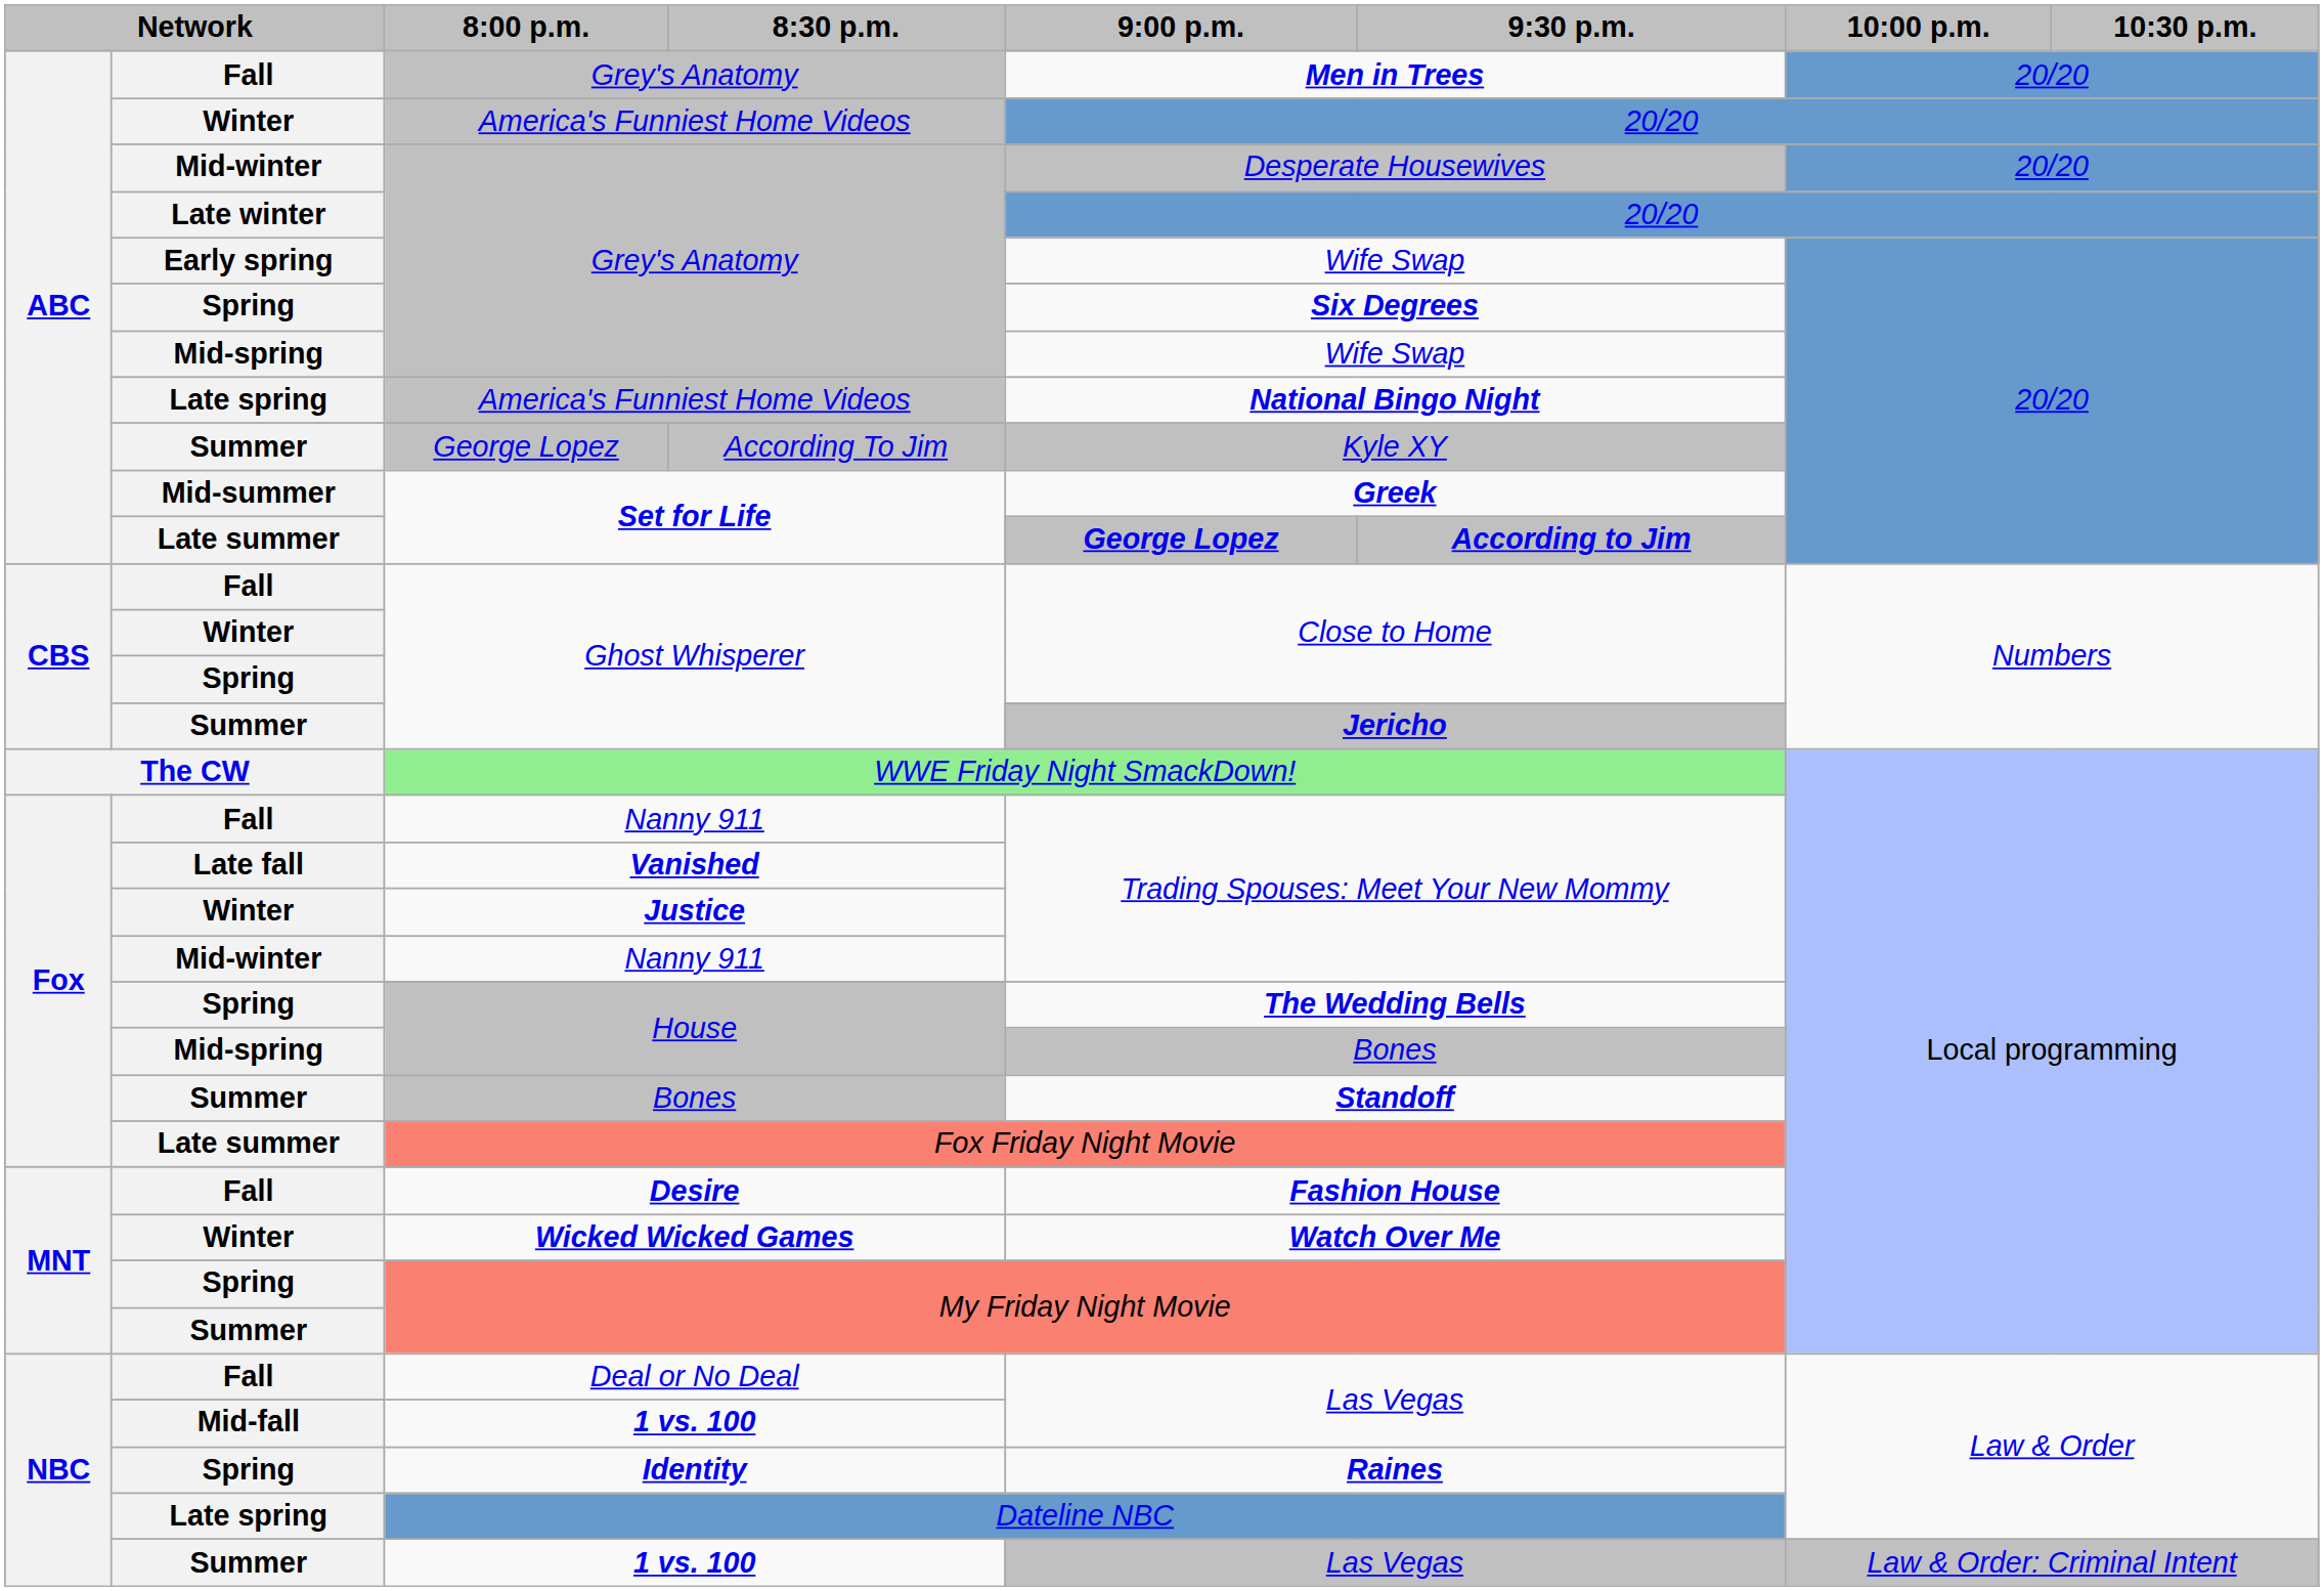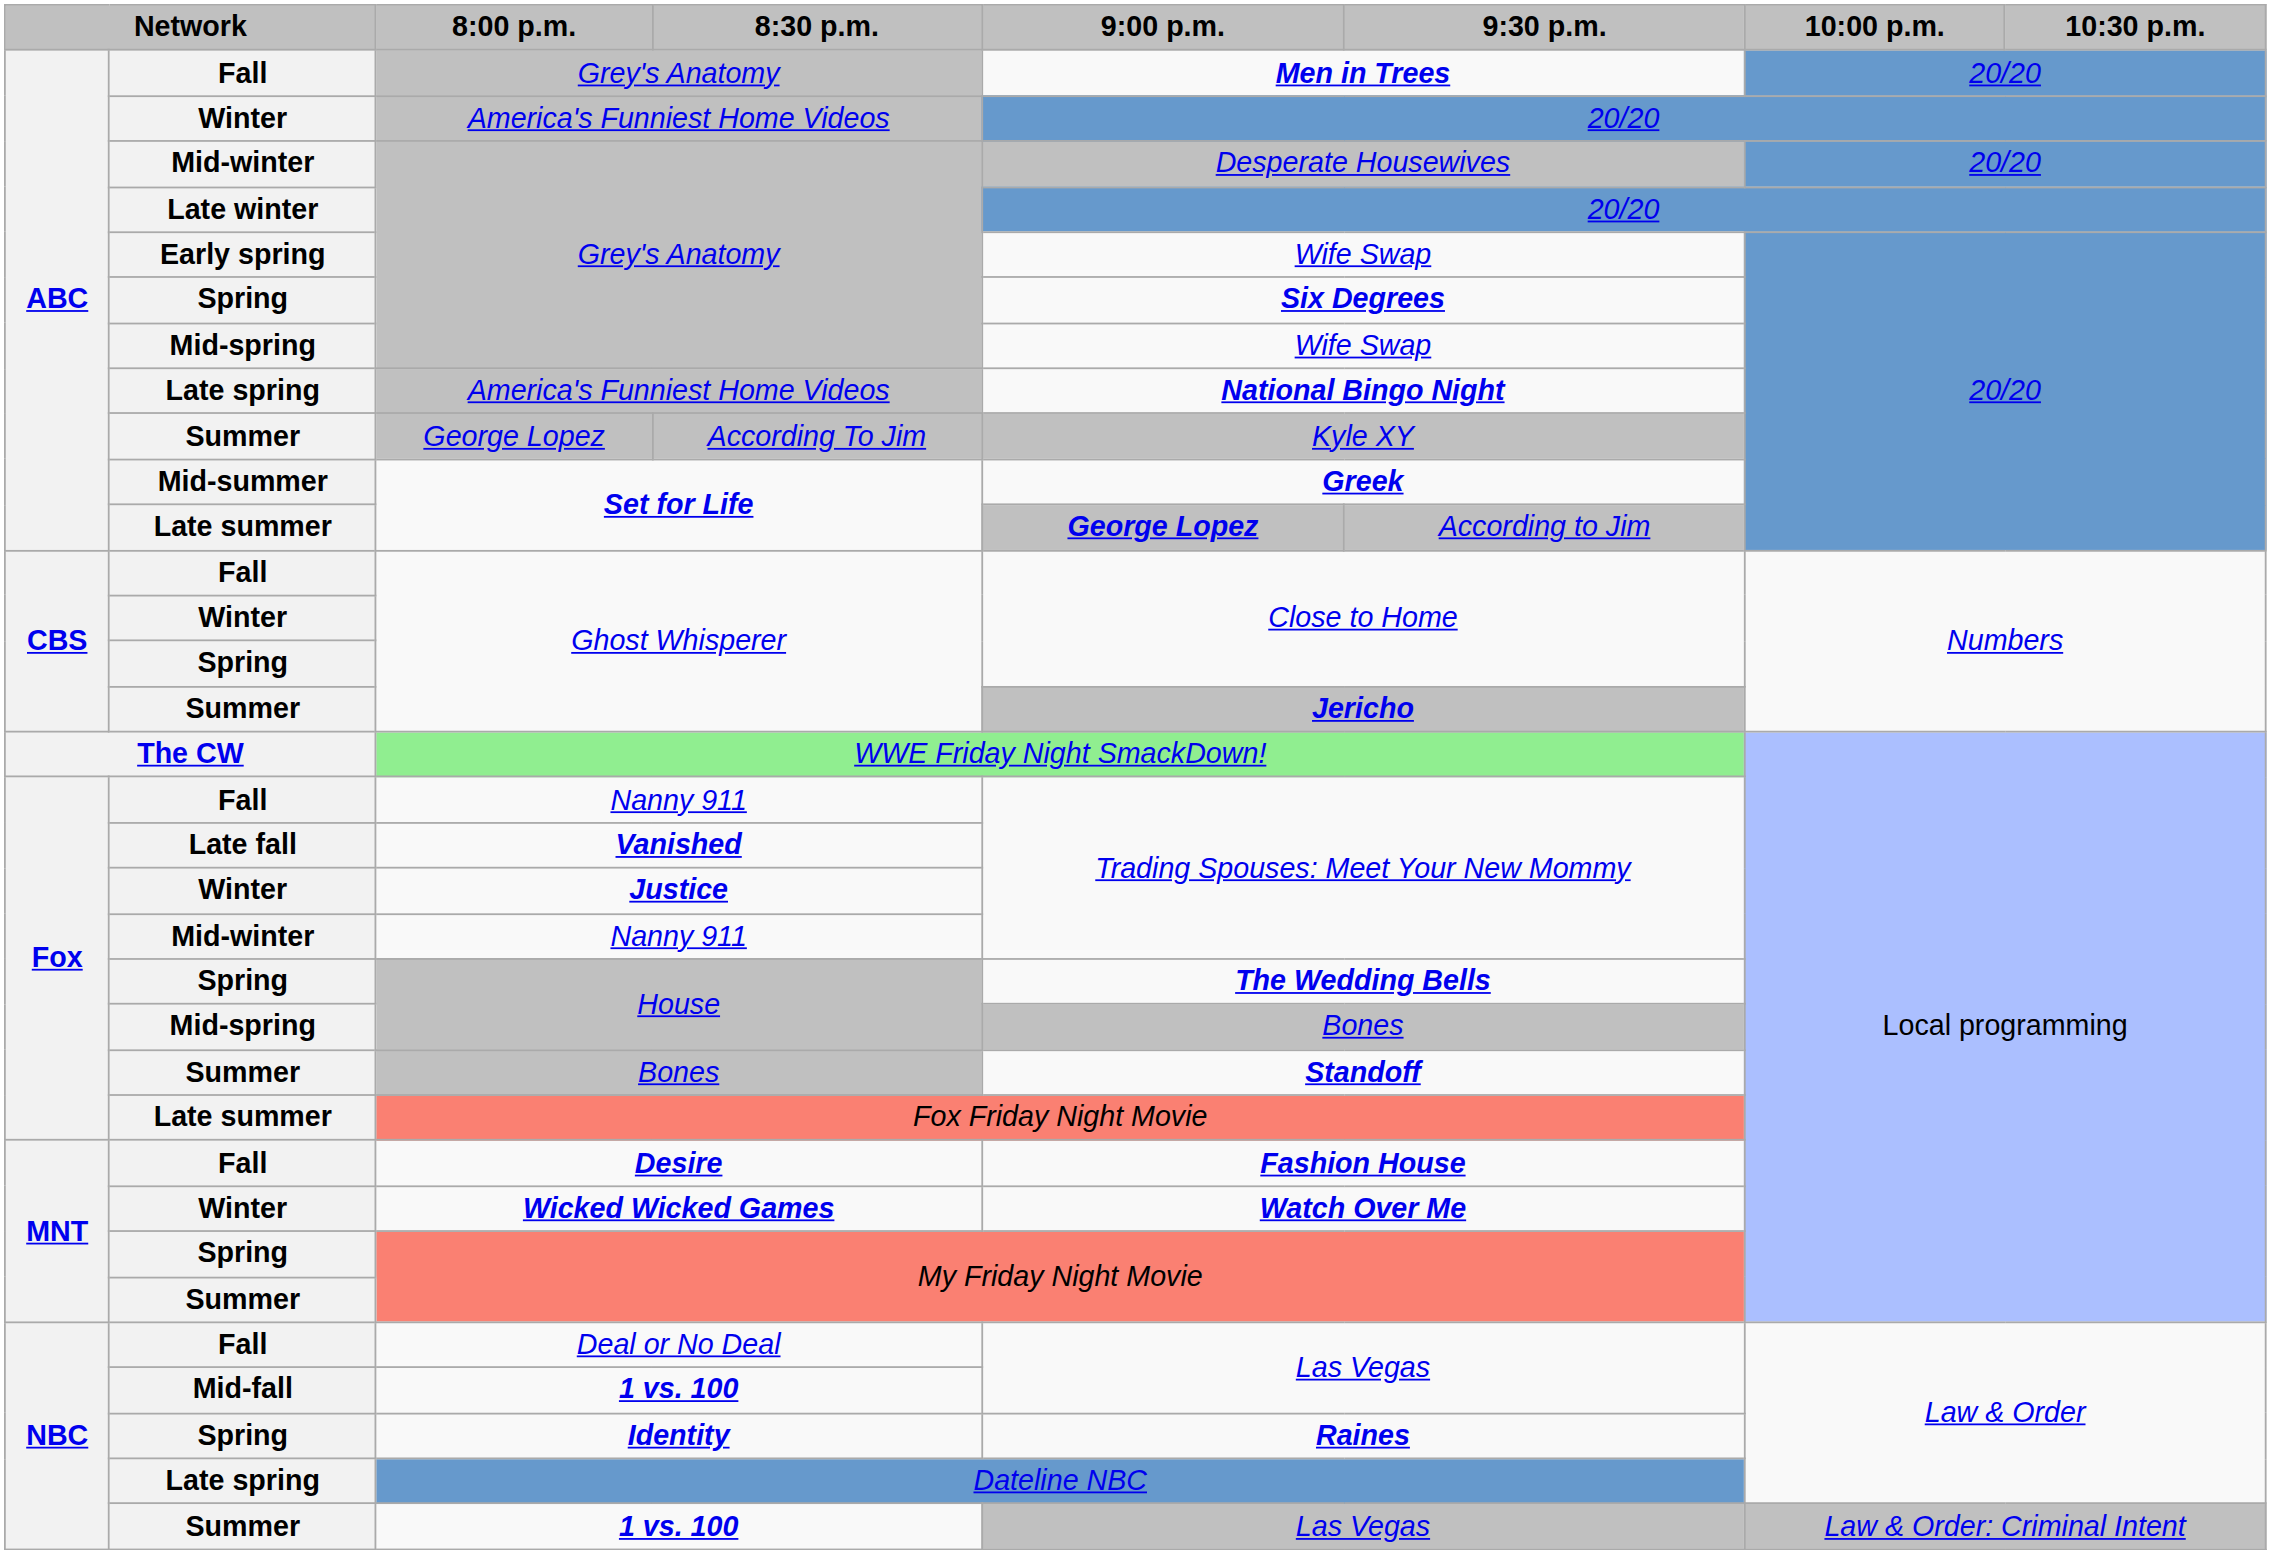 <table class="wikitable" style="width:100%;margin-right:0;text-align:center">
 <tr>
 <th colspan="2" style="background-color:#C0C0C0;text-align:center">Network</th>
 <th style="background-color:#C0C0C0;text-align:center">8:00 p.m.</th>
 <th style="background-color:#C0C0C0;text-align:center">8:30 p.m.</th>
 <th style="background-color:#C0C0C0;text-align:center">9:00 p.m.</th>
 <th style="background-color:#C0C0C0;text-align:center">9:30 p.m.</th>
 <th style="background-color:#C0C0C0;text-align:center">10:00 p.m.</th>
 <th style="background-color:#C0C0C0;text-align:center">10:30 p.m.</th>
 </tr>
 <tr>
 <th rowspan="11"><a href='#'>ABC</a></th>
 <th>Fall</th>
 <td colspan="2" style="background:#C0C0C0;"><em><a href='#'>Grey's Anatomy</a></em> </td>
 <td colspan="2"><strong><em><a href='#'>Men in Trees</a></em></strong></td>
 <td style="background:#6699CC;" colspan="2"><em><a href='#'>20/20</a></em></td>
 </tr>
 <tr>
 <th>Winter</th>
 <td colspan="2" style="background:#C0C0C0;"><em><a href='#'>America's Funniest Home Videos</a></em> </td>
 <td colspan="4" style="background:#6699CC;"><em><a href='#'>20/20</a></em></td>
 </tr>
 <tr>
 <th>Mid-winter</th>
 <td colspan="2" rowspan="5" style="background:#C0C0C0;"><em><a href='#'>Grey's Anatomy</a></em> </td>
 <td colspan="2" style="background:#C0C0C0;"><em><a href='#'>Desperate Housewives</a></em> </td>
 <td colspan="2" style="background:#6699CC;"><em><a href='#'>20/20</a></em></td>
 </tr>
 <tr>
 <th>Late winter</th>
 <td style="background:#6699CC;" colspan="4"><em><a href='#'>20/20</a></em></td>
 </tr>
 <tr>
 <th>Early spring</th>
 <td colspan="2"><em><a href='#'>Wife Swap</a></em></td>
 <td colspan="2" rowspan="7" style="background:#6699CC;"><em><a href='#'>20/20</a></em></td>
 </tr>
 <tr>
 <th>Spring</th>
 <td colspan="2"><strong><em><a href='#'>Six Degrees</a></em></strong></td>
 </tr>
 <tr>
 <th>Mid-spring</th>
 <td colspan="2"><em><a href='#'>Wife Swap</a></em></td>
 </tr>
 <tr>
 <th>Late spring</th>
 <td colspan="2" style="background:#C0C0C0;"><em><a href='#'>America's Funniest Home Videos</a></em> </td>
 <td colspan="2"><strong><em><a href='#'>National Bingo Night</a></em></strong></td>
 </tr>
 <tr>
 <th>Summer</th>
 <td style="background:#C0C0C0;"><em><a href='#'>George Lopez</a></em> </td>
 <td style="background:#C0C0C0;"><em><a href='#'>According To Jim</a></em> </td>
 <td colspan="2" style="background:#C0C0C0;"><em><a href='#'>Kyle XY</a></em> </td>
 </tr>
 <tr>
 <th>Mid-summer</th>
 <td colspan="2" rowspan="2"><strong><em><a href='#'>Set for Life</a></em></strong></td>
 <td colspan="2"><strong><em><a href='#'>Greek</a></em></strong></td>
 </tr>
 <tr>
 <th>Late summer</th>
 <td style="background:#C0C0C0;"><strong><em><a href='#'>George Lopez</a></em> </strong></td>
-<td style="background:#C0C0C0;"><strong><em><a href='#'>According to Jim</a></em> </strong></td>
+<td style="background:#C0C0C0;"><em><a href='#'>According to Jim</a></em> </td>
 </tr>
 <tr>
 <th rowspan="4"><a href='#'>CBS</a></th>
 <th>Fall</th>
 <td colspan="2" rowspan="4"><em><a href='#'>Ghost Whisperer</a></em></td>
 <td colspan="2" rowspan="3"><em><a href='#'>Close to Home</a></em></td>
 <td colspan="2" rowspan="4"><em><a href='#'>Numbers</a></em></td>
 </tr>
 <tr>
 <th>Winter</th>
 </tr>
 <tr>
 <th>Spring</th>
 </tr>
 <tr>
 <th>Summer</th>
 <td colspan="2" style="background:#C0C0C0;"><strong><em><a href='#'>Jericho</a></em></strong> </td>
 </tr>
 <tr>
 <th colspan="2"><a href='#'>The CW</a></th>
 <td colspan="4" style="background:lightgreen;"><em><a href='#'>WWE Friday Night SmackDown!</a></em></td>
 <td style="background:#abbfff;" rowspan="13" colspan="2">Local programming</td>
 </tr>
 <tr>
 <th rowspan="8"><a href='#'>Fox</a></th>
 <th>Fall</th>
 <td colspan="2"><em><a href='#'>Nanny 911</a></em></td>
 <td colspan="2" rowspan="4"><em><a href='#'>Trading Spouses: Meet Your New Mommy</a></em></td>
 </tr>
 <tr>
 <th>Late fall</th>
 <td colspan="2"><strong><em><a href='#'>Vanished</a></em></strong></td>
 </tr>
 <tr>
 <th>Winter</th>
 <td colspan="2"><strong><em><a href='#'>Justice</a></em></strong></td>
 </tr>
 <tr>
 <th>Mid-winter</th>
 <td colspan="2"><em><a href='#'>Nanny 911</a></em></td>
 </tr>
 <tr>
 <th>Spring</th>
 <td colspan="2" rowspan="2" style="background:#C0C0C0;"><em><a href='#'>House</a></em> </td>
 <td colspan="2"><strong><em><a href='#'>The Wedding Bells</a></em></strong></td>
 </tr>
 <tr>
 <th>Mid-spring</th>
 <td colspan="2" style="background:#C0C0C0;"><em><a href='#'>Bones</a></em> </td>
 </tr>
 <tr>
 <th>Summer</th>
 <td colspan="2" style="background:#C0C0C0;"><em><a href='#'>Bones</a></em> </td>
 <td colspan="2"><strong><em><a href='#'>Standoff</a></em></strong></td>
 </tr>
 <tr>
 <th>Late summer</th>
 <td style="background:#FA8072;" colspan="4"><em>Fox Friday Night Movie</em></td>
 </tr>
 <tr>
 <th rowspan="4"><a href='#'>MNT</a></th>
 <th>Fall</th>
 <td colspan="2"><strong><em><a href='#'>Desire</a></em></strong></td>
 <td colspan="2"><strong><em><a href='#'>Fashion House</a></em></strong></td>
 </tr>
 <tr>
 <th>Winter</th>
 <td colspan="2"><strong><em><a href='#'>Wicked Wicked Games</a></em></strong></td>
 <td colspan="2"><strong><em><a href='#'>Watch Over Me</a></em></strong></td>
 </tr>
 <tr>
 <th>Spring</th>
 <td style="background:#FA8072;" colspan="4" rowspan="2"><em>My Friday Night Movie</em></td>
 </tr>
 <tr>
 <th>Summer</th>
 </tr>
 <tr>
 <th rowspan="5"><a href='#'>NBC</a></th>
 <th>Fall</th>
 <td colspan="2"><em><a href='#'>Deal or No Deal</a></em></td>
 <td colspan="2" rowspan="2"><em><a href='#'>Las Vegas</a></em></td>
 <td colspan="2" rowspan="4"><em><a href='#'>Law & Order</a></em></td>
 </tr>
 <tr>
 <th>Mid-fall</th>
 <td colspan="2"><strong><em><a href='#'>1 vs. 100</a></em></strong></td>
 </tr>
 <tr>
 <th>Spring</th>
 <td colspan="2"><strong><em><a href='#'>Identity</a></em></strong></td>
 <td colspan="2"><strong><em><a href='#'>Raines</a></em></strong></td>
 </tr>
 <tr>
 <th>Late spring</th>
 <td style="background:#6699CC;" colspan="4"><em><a href='#'>Dateline NBC</a></em></td>
 </tr>
 <tr>
 <th>Summer</th>
 <td colspan="2"><strong><em><a href='#'>1 vs. 100</a></em></strong></td>
 <td colspan="2" style="background:#C0C0C0;"><em><a href='#'>Las Vegas</a></em> </td>
 <td colspan="2" style="background:#C0C0C0;"><em><a href='#'>Law & Order: Criminal Intent</a></em> </td>
 </tr>
 <tr>
 </tr>
 </table>
